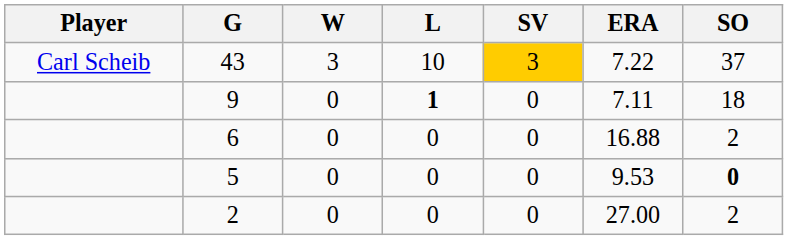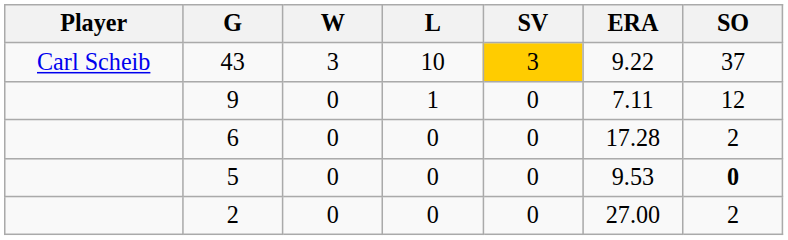 <table class="wikitable sortable">
 <tr>
 <th bgcolor="#DDDDFF" width="16%">Player</th>
 <th bgcolor="#DDDDFF" width="9%">G</th>
 <th bgcolor="#DDDDFF" width="9%">W</th>
 <th bgcolor="#DDDDFF" width="9%">L</th>
 <th bgcolor="#DDDDFF" width="9%">SV</th>
 <th bgcolor="#DDDDFF" width="9%">ERA</th>
 <th bgcolor="#DDDDFF" width="9%">SO</th>
 </tr>
 <tr align="center">
 <td><a href='#'>Carl Scheib</a></td>
 <td>43</td>
 <td>3</td>
 <td>10</td>
 <td style="background:#fc0;">3</td>
-<td>7.22</td>
+<td>9.22</td>
 <td>37</td>
 </tr>
 <tr align="center">
 <td></td>
 <td>9</td>
 <td>0</td>
-<td><strong>1</strong></td>
+<td>1</td>
 <td>0</td>
 <td>7.11</td>
-<td>18</td>
+<td>12</td>
 </tr>
 <tr align="center">
 <td></td>
 <td>6</td>
 <td>0</td>
 <td>0</td>
 <td>0</td>
-<td>16.88</td>
+<td>17.28</td>
 <td>2</td>
 </tr>
 <tr align="center">
 <td></td>
 <td>5</td>
 <td>0</td>
 <td>0</td>
 <td>0</td>
 <td>9.53</td>
 <td><strong>0</strong></td>
 </tr>
 <tr align="center">
 <td></td>
 <td>2</td>
 <td>0</td>
 <td>0</td>
 <td>0</td>
 <td>27.00</td>
 <td>2</td>
 </tr>
 </table>
